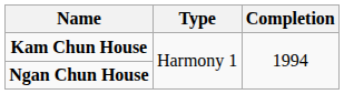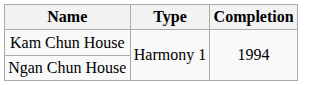 <table class="wikitable" style="text-align: center">
 <tr>
 <th>Name</th>
 <th>Type</th>
 <th>Completion</th>
 </tr>
 <tr>
-<td><strong>Kam Chun House</strong></td>
+<td>Kam Chun House</td>
 <td rowspan="2">Harmony 1</td>
 <td rowspan="2">1994</td>
 </tr>
 <tr>
-<td><strong>Ngan Chun House</strong></td>
+<td>Ngan Chun House</td>
 </tr>
 <tr>
 </tr>
 </table>
